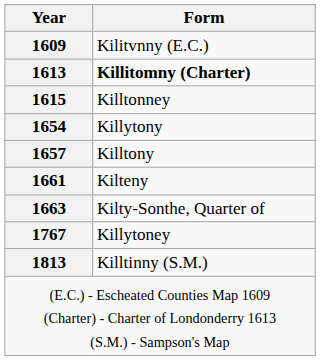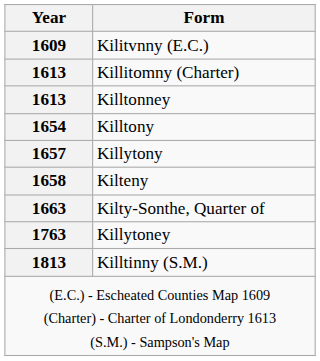 <table class="wikitable" style="margin:0 0 0 3em; border:1px solid darkgrey;">
 <tr>
 <th style="width:75px;">Year</th>
 <th style="width:200px;">Form</th>
 </tr>
 <tr>
 <th>1609</th>
 <td>Kilitvnny (E.C.)</td>
 </tr>
 <tr>
 <th>1613</th>
-<td><strong>Killitomny (Charter)</strong></td>
+<td>Killitomny (Charter)</td>
 </tr>
 <tr>
-<th>1615</th>
+<th>1613</th>
 <td>Killtonney</td>
 </tr>
 <tr>
 <th>1654</th>
+<td>Killtony</td>
+</tr>
+<tr>
+<th>1657</th>
 <td>Killytony</td>
 </tr>
 <tr>
-<th>1657</th>
-<td>Killtony</td>
-</tr>
-<tr>
-<th>1661</th>
+<th>1658</th>
 <td>Kilteny</td>
 </tr>
 <tr>
 <th>1663</th>
 <td>Kilty-Sonthe, Quarter of</td>
 </tr>
 <tr>
-<th>1767</th>
+<th>1763</th>
 <td>Killytoney</td>
 </tr>
 <tr>
 <th>1813</th>
 <td>Killtinny (S.M.)</td>
 </tr>
 <tr>
 <td colspan="2" align="center"><sub>(E.C.) - Escheated Counties Map 1609<br>(Charter) - Charter of Londonderry 1613<br>(S.M.) - Sampson's Map</sub></td>
 </tr>
 </table>
